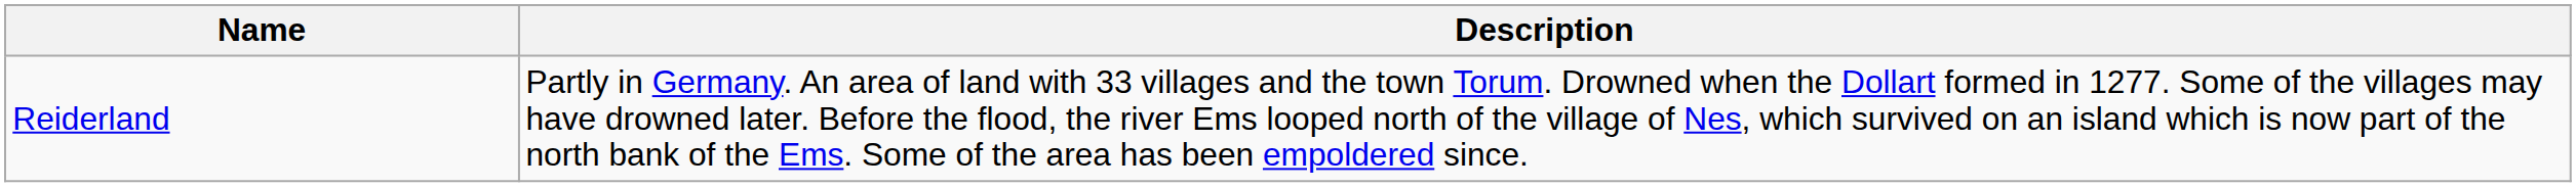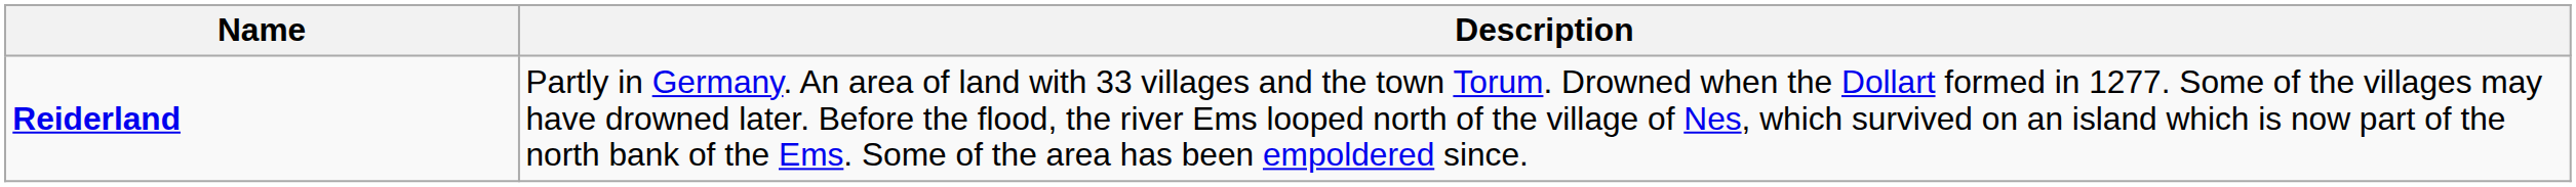 <table class="wikitable" width="100%">
 <tr>
 <th width=20%>Name</th>
 <th width=80%>Description</th>
 </tr>
 <tr>
-<td><a href='#'>Reiderland</a></td>
+<td><strong><a href='#'>Reiderland</a></strong></td>
 <td>Partly in <a href='#'>Germany</a>. An area of land with 33 villages and the town <a href='#'>Torum</a>. Drowned when the <a href='#'>Dollart</a> formed in 1277. Some of the villages may have drowned later. Before the flood, the river Ems looped north of the village of <a href='#'>Nes</a>, which survived on an island which is now part of the north bank of the <a href='#'>Ems</a>. Some of the area has been <a href='#'>empoldered</a> since.</td>
 </tr>
 </table>
